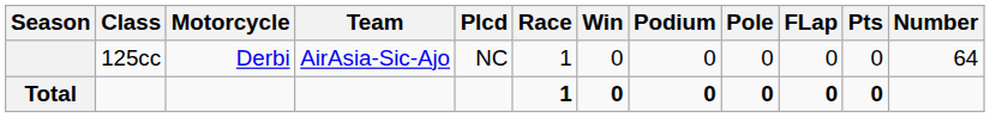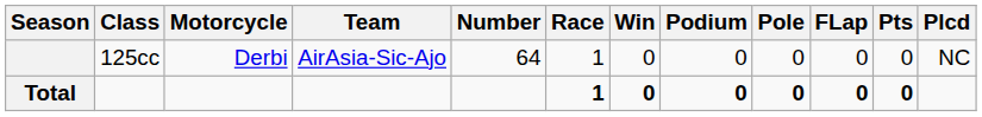 <table class="wikitable">
 <tr>
 <th>Season</th>
 <th>Class</th>
 <th>Motorcycle</th>
 <th>Team</th>
-<th>Plcd</th>
+<th>Number</th>
 <th>Race</th>
 <th>Win</th>
 <th>Podium</th>
 <th>Pole</th>
 <th>FLap</th>
 <th>Pts</th>
-<th>Number</th>
+<th>Plcd</th>
 </tr>
 <tr align="right">
 <th></th>
 <td>125cc</td>
 <td><a href='#'>Derbi</a></td>
 <td><a href='#'>AirAsia-Sic-Ajo</a></td>
-<td>NC</td>
+<td>64</td>
 <td>1</td>
 <td>0</td>
 <td>0</td>
 <td>0</td>
 <td>0</td>
 <td>0</td>
-<td>64</td>
+<td>NC</td>
 </tr>
 <tr align="right">
 <th>Total</th>
 <td></td>
 <td></td>
 <td></td>
 <td></td>
 <td><strong>1</strong></td>
 <td><strong>0</strong></td>
 <td><strong>0</strong></td>
 <td><strong>0</strong></td>
 <td><strong>0</strong></td>
 <td><strong>0</strong></td>
 <td></td>
 </tr>
 </table>
